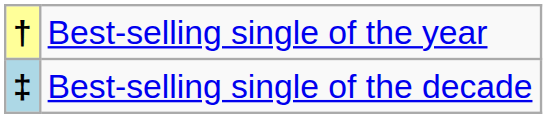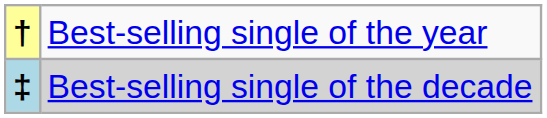 <table class="wikitable plainrowheaders" style="font-size:90%;">
 <tr>
 <th scope=row style="background-color:#FFFF99">†</th>
 <td><a href='#'>Best-selling single of the year</a></td>
 </tr>
 <tr>
 <th scope=row style="background-color:lightblue">‡</th>
-<td><a href='#'>Best-selling single of the decade</a></td>
+<td style="background: lightgrey;"><a href='#'>Best-selling single of the decade</a></td>
 </tr>
 </table>
